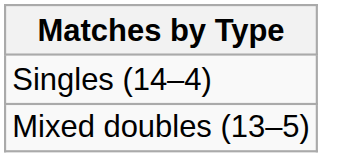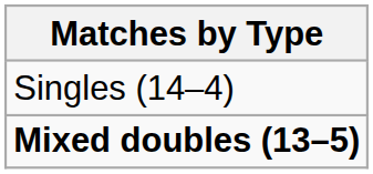 <table class="wikitable" style=font-size:90%>
 <tr>
 <th>Matches by Type</th>
 </tr>
 <tr>
 <td>Singles (14–4)</td>
 </tr>
 <tr>
-<td>Mixed doubles (13–5)</td>
+<td><strong>Mixed doubles (13–5)</strong></td>
 </tr>
 </table>
